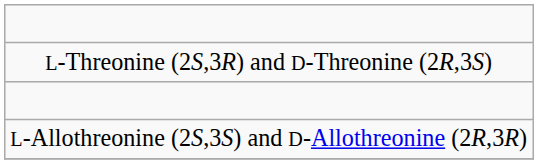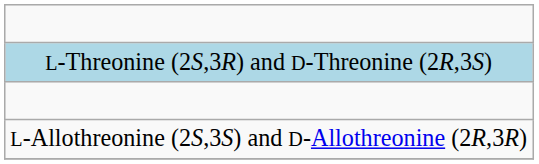 <table class="wikitable centered" style="text-align:center">
 <tr>
 <td> <br></td>
 </tr>
 <tr>
-<td><small>L</small>-Threonine (2<em>S</em>,3<em>R</em>) and <small>D</small>-Threonine (2<em>R</em>,3<em>S</em>)<br></td>
+<td style="background: lightblue;"><small>L</small>-Threonine (2<em>S</em>,3<em>R</em>) and <small>D</small>-Threonine (2<em>R</em>,3<em>S</em>)<br></td>
 </tr>
 <tr>
 <td> <br></td>
 </tr>
 <tr>
 <td><small>L</small>-Allothreonine (2<em>S</em>,3<em>S</em>) and <small>D</small>-<a href='#'>Allothreonine</a> (2<em>R</em>,3<em>R</em>)</td>
 </tr>
 <tr>
 </tr>
 </table>
